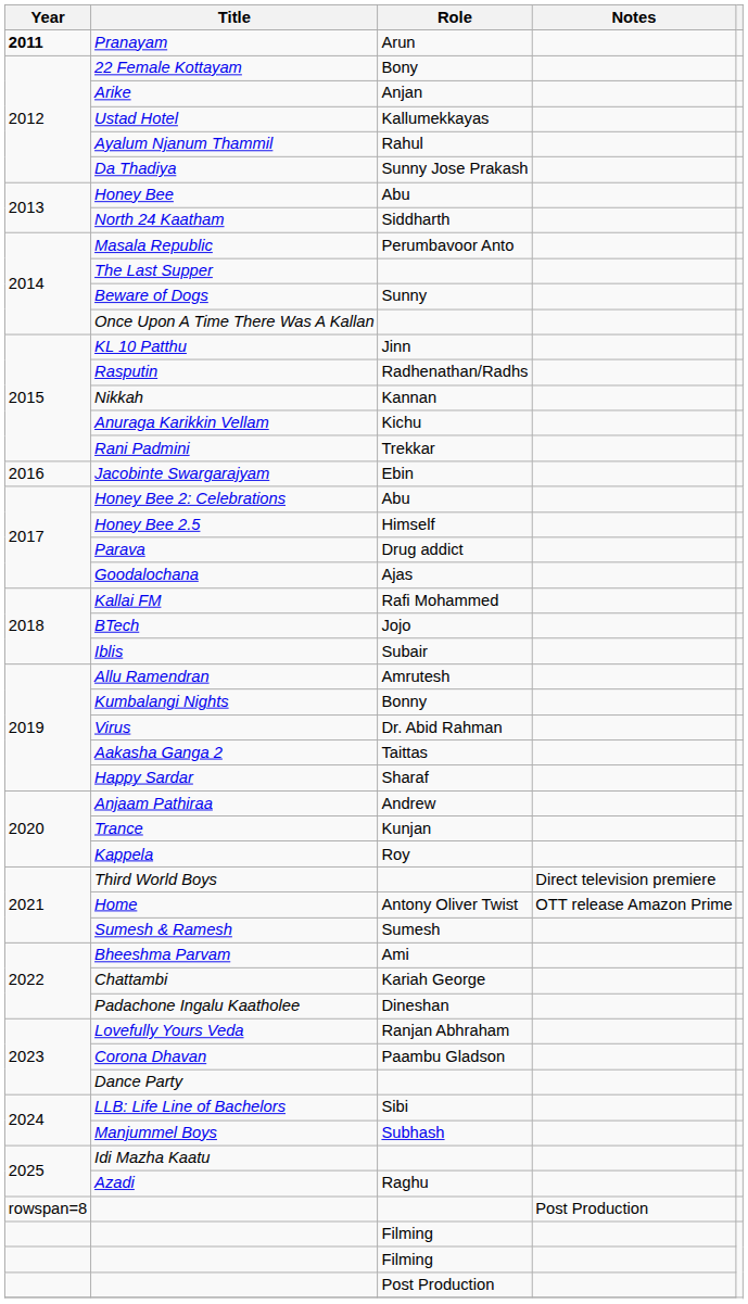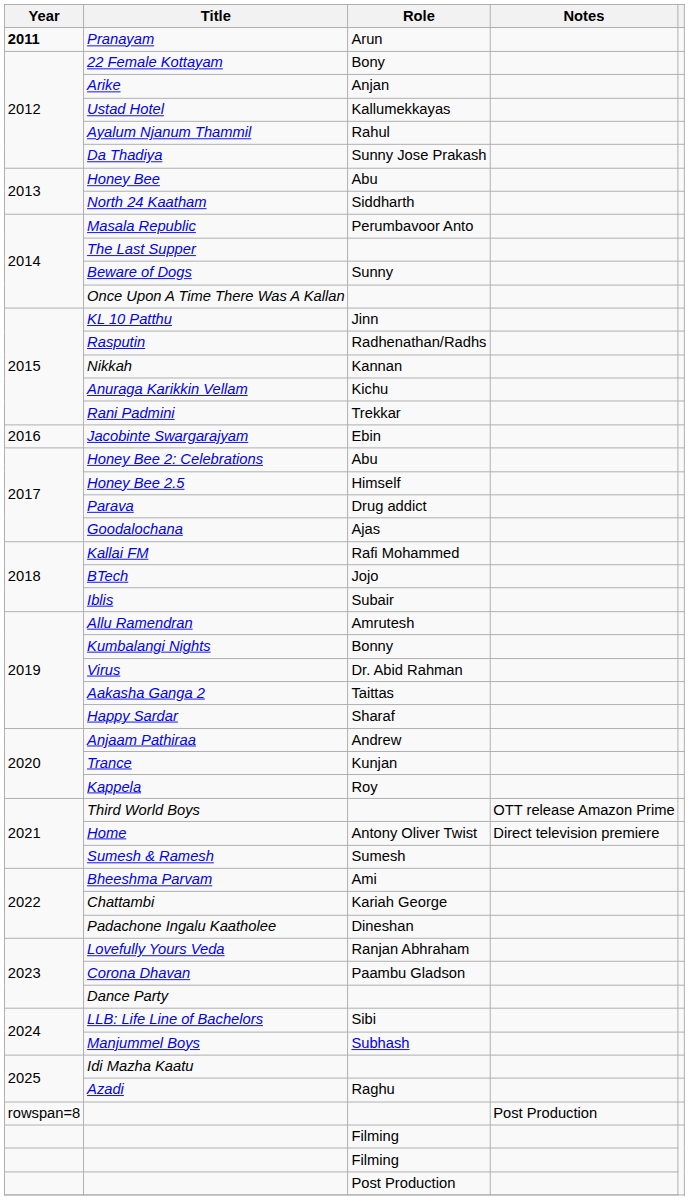 <table class="wikitable sortable">
 <tr>
 <th>Year</th>
 <th>Title</th>
 <th>Role</th>
 <th class="unsortable">Notes</th>
 <th class="unsortable"></th>
 </tr>
 <tr>
 <td><strong>2011</strong></td>
 <td><em><a href='#'>Pranayam</a></em></td>
 <td>Arun</td>
 <td></td>
 <td></td>
 </tr>
 <tr>
 <td rowspan=5>2012</td>
 <td><em><a href='#'>22 Female Kottayam</a></em></td>
 <td>Bony</td>
 <td></td>
 <td></td>
 </tr>
 <tr>
 <td><em><a href='#'>Arike</a></em></td>
 <td>Anjan</td>
 <td></td>
 <td></td>
 </tr>
 <tr>
 <td><em><a href='#'>Ustad Hotel</a></em></td>
 <td>Kallumekkayas</td>
 <td></td>
 <td></td>
 </tr>
 <tr>
 <td><em><a href='#'>Ayalum Njanum Thammil</a></em></td>
 <td>Rahul</td>
 <td></td>
 <td></td>
 </tr>
 <tr>
 <td><em><a href='#'>Da Thadiya</a></em></td>
 <td>Sunny Jose Prakash</td>
 <td></td>
 <td></td>
 </tr>
 <tr>
 <td rowspan=2>2013</td>
 <td><em><a href='#'>Honey Bee</a></em></td>
 <td>Abu</td>
 <td></td>
 <td></td>
 </tr>
 <tr>
 <td><em><a href='#'>North 24 Kaatham</a></em></td>
 <td>Siddharth</td>
 <td></td>
 <td></td>
 </tr>
 <tr>
 <td rowspan="4">2014</td>
 <td><em><a href='#'>Masala Republic</a></em></td>
 <td>Perumbavoor Anto</td>
 <td></td>
 <td></td>
 </tr>
 <tr>
 <td><em><a href='#'>The Last Supper</a></em></td>
 <td></td>
 <td></td>
 <td></td>
 </tr>
 <tr>
 <td><em><a href='#'>Beware of Dogs</a></em></td>
 <td>Sunny</td>
 <td></td>
 <td></td>
 </tr>
 <tr>
 <td><em>Once Upon A Time There Was A Kallan</em></td>
 <td></td>
 <td></td>
 <td></td>
 </tr>
 <tr>
 <td rowspan="5">2015</td>
 <td><em><a href='#'>KL 10 Patthu</a></em></td>
 <td>Jinn</td>
 <td></td>
 <td></td>
 </tr>
 <tr>
 <td><em><a href='#'>Rasputin</a></em></td>
 <td>Radhenathan/Radhs</td>
 <td></td>
 <td></td>
 </tr>
 <tr>
 <td><em>Nikkah</em></td>
 <td>Kannan</td>
 <td></td>
 <td></td>
 </tr>
 <tr>
 <td><em><a href='#'>Anuraga Karikkin Vellam</a></em></td>
 <td>Kichu</td>
 <td></td>
 <td></td>
 </tr>
 <tr>
 <td><em><a href='#'>Rani Padmini</a></em></td>
 <td>Trekkar</td>
 <td></td>
 <td></td>
 </tr>
 <tr>
 <td rowspan="1">2016</td>
 <td><em><a href='#'>Jacobinte Swargarajyam</a></em></td>
 <td>Ebin</td>
 <td></td>
 <td></td>
 </tr>
 <tr>
 <td rowspan="4">2017</td>
 <td><em><a href='#'>Honey Bee 2: Celebrations</a></em></td>
 <td>Abu</td>
 <td></td>
 <td></td>
 </tr>
 <tr>
 <td><em><a href='#'>Honey Bee 2.5</a></em></td>
 <td>Himself</td>
 <td></td>
 <td></td>
 </tr>
 <tr>
 <td><a href='#'><em>Parava</em></a></td>
 <td>Drug addict</td>
 <td></td>
 <td></td>
 </tr>
 <tr>
 <td><em><a href='#'>Goodalochana</a></em></td>
 <td>Ajas</td>
 <td></td>
 <td></td>
 </tr>
 <tr>
 <td rowspan="3">2018</td>
 <td><em><a href='#'>Kallai FM</a></em></td>
 <td>Rafi Mohammed</td>
 <td></td>
 <td></td>
 </tr>
 <tr>
 <td><em><a href='#'>BTech</a></em></td>
 <td>Jojo</td>
 <td></td>
 <td></td>
 </tr>
 <tr>
 <td><em><a href='#'>Iblis</a></em></td>
 <td>Subair</td>
 <td></td>
 <td></td>
 </tr>
 <tr>
 <td rowspan="5">2019</td>
 <td><em><a href='#'>Allu Ramendran</a></em></td>
 <td>Amrutesh</td>
 <td></td>
 <td></td>
 </tr>
 <tr>
 <td><em><a href='#'>Kumbalangi Nights</a></em></td>
 <td>Bonny</td>
 <td></td>
 <td></td>
 </tr>
 <tr>
 <td><em><a href='#'>Virus</a></em></td>
 <td>Dr. Abid Rahman</td>
 <td></td>
 <td></td>
 </tr>
 <tr>
 <td><em><a href='#'>Aakasha Ganga 2</a></em></td>
 <td>Taittas</td>
 <td></td>
 <td></td>
 </tr>
 <tr>
 <td><em><a href='#'>Happy Sardar</a></em></td>
 <td>Sharaf</td>
 <td></td>
 <td></td>
 </tr>
 <tr>
 <td rowspan="3">2020</td>
 <td><em><a href='#'>Anjaam Pathiraa</a></em></td>
 <td>Andrew</td>
 <td></td>
 <td></td>
 </tr>
 <tr>
 <td><em><a href='#'>Trance</a></em></td>
 <td>Kunjan</td>
 <td></td>
 <td></td>
 </tr>
 <tr>
 <td><em><a href='#'>Kappela</a></em></td>
 <td>Roy</td>
 <td></td>
 <td></td>
 </tr>
 <tr>
 <td rowspan="3">2021</td>
 <td><em>Third World Boys</em></td>
 <td></td>
-<td>Direct television premiere</td>
+<td>OTT release Amazon Prime</td>
 <td></td>
 </tr>
 <tr>
 <td><em><a href='#'>Home</a></em></td>
 <td>Antony Oliver Twist</td>
-<td>OTT release Amazon Prime</td>
+<td>Direct television premiere</td>
 <td></td>
 </tr>
 <tr>
 <td><em><a href='#'>Sumesh & Ramesh</a></em></td>
 <td>Sumesh</td>
 <td></td>
 <td></td>
 </tr>
 <tr>
 <td rowspan=3>2022</td>
 <td><em><a href='#'>Bheeshma Parvam</a></em></td>
 <td>Ami</td>
 <td></td>
 <td></td>
 </tr>
 <tr>
 <td><em>Chattambi</em></td>
 <td>Kariah George</td>
 <td></td>
 <td></td>
 </tr>
 <tr>
 <td><em>Padachone Ingalu Kaatholee </em></td>
 <td>Dineshan</td>
 <td></td>
 <td></td>
 </tr>
 <tr>
 <td rowspan=3>2023</td>
 <td><em><a href='#'>Lovefully Yours Veda</a></em></td>
 <td>Ranjan Abhraham</td>
 <td></td>
 <td></td>
 </tr>
 <tr>
 <td><em><a href='#'>Corona Dhavan</a></em></td>
 <td>Paambu Gladson</td>
 <td></td>
 <td></td>
 </tr>
 <tr>
 <td><em>Dance Party</em></td>
 <td></td>
 <td></td>
 <td></td>
 </tr>
 <tr>
 <td rowspan=2>2024</td>
 <td><em><a href='#'>LLB: Life Line of Bachelors</a></em></td>
 <td>Sibi</td>
 <td></td>
 <td></td>
 </tr>
 <tr>
 <td><em><a href='#'>Manjummel Boys</a></em></td>
 <td><a href='#'>Subhash</a></td>
 <td></td>
 <td></td>
 </tr>
 <tr>
 <td rowspan=2>2025</td>
 <td><em>Idi Mazha Kaatu</em></td>
 <td></td>
 <td></td>
 <td></td>
 </tr>
 <tr>
 <td><em><a href='#'>Azadi</a></em></td>
 <td>Raghu</td>
 <td></td>
 <td></td>
 </tr>
 <tr>
 <td>rowspan=8 </td>
 <td></td>
 <td></td>
 <td>Post Production</td>
 <td></td>
 </tr>
 <tr>
 <td></td>
 <td></td>
 <td>Filming</td>
 <td></td>
 </tr>
 <tr>
 <td></td>
 <td></td>
 <td>Filming</td>
 <td></td>
 </tr>
 <tr>
 <td></td>
 <td></td>
 <td>Post Production</td>
 <td></td>
 </tr>
 <tr>
 </tr>
 </table>
